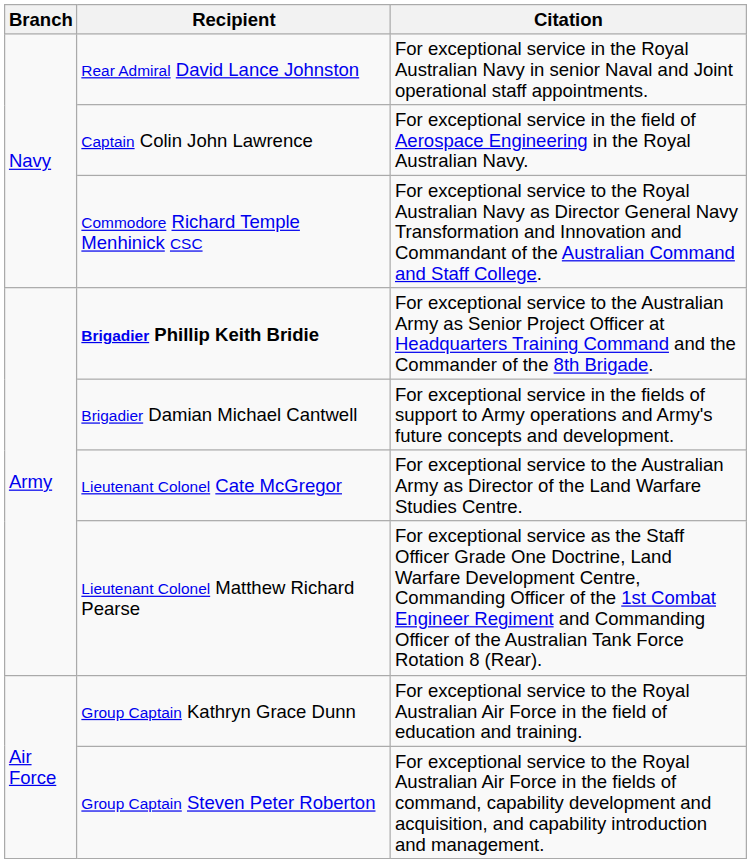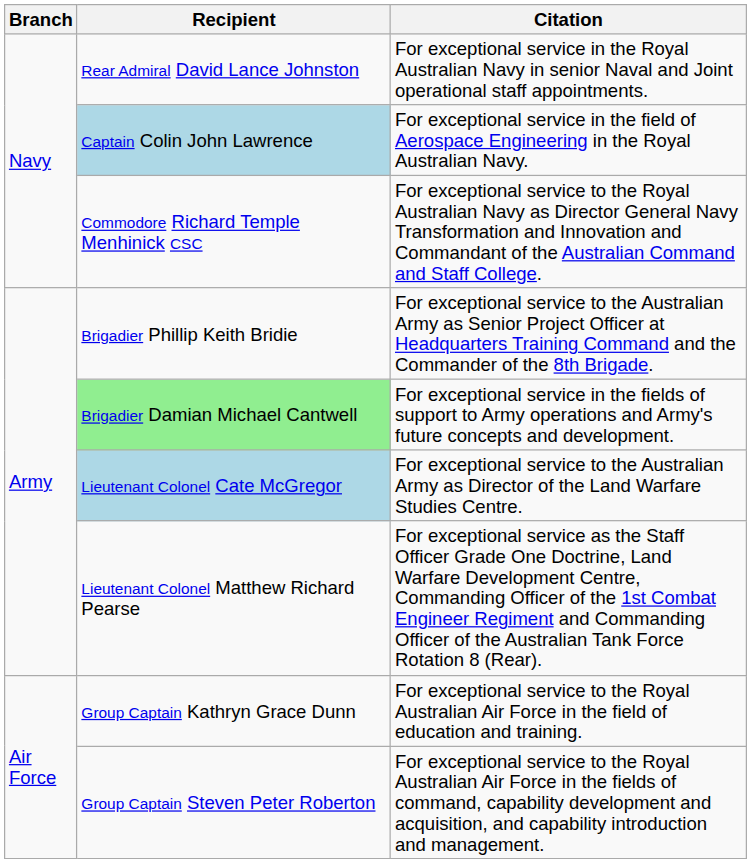 <table class="wikitable" style="font-size:95%;">
 <tr>
 <th scope="col" width="50">Branch</th>
 <th scope="col" width="250">Recipient</th>
 <th>Citation</th>
 </tr>
 <tr>
 <td rowspan="3"><a href='#'>Navy</a></td>
 <td><small><a href='#'>Rear Admiral</a></small> <a href='#'>David Lance Johnston</a></td>
 <td>For exceptional service in the Royal Australian Navy in senior Naval and Joint operational staff appointments.</td>
 </tr>
 <tr>
-<td><small><a href='#'>Captain</a></small> Colin John Lawrence</td>
+<td style="background: lightblue;"><small><a href='#'>Captain</a></small> Colin John Lawrence</td>
 <td>For exceptional service in the field of <a href='#'>Aerospace Engineering</a> in the Royal Australian Navy.</td>
 </tr>
 <tr>
 <td><small><a href='#'>Commodore</a></small> <a href='#'>Richard Temple Menhinick</a> <small><a href='#'>CSC</a></small></td>
 <td>For exceptional service to the Royal Australian Navy as Director General Navy Transformation and Innovation and Commandant of the <a href='#'>Australian Command and Staff College</a>.</td>
 </tr>
 <tr>
 <td rowspan="4"><a href='#'>Army</a></td>
-<td><strong><small><a href='#'>Brigadier</a></small> Phillip Keith Bridie</strong></td>
+<td><small><a href='#'>Brigadier</a></small> Phillip Keith Bridie</td>
 <td>For exceptional service to the Australian Army as Senior Project Officer at <a href='#'>Headquarters Training Command</a> and the Commander of the <a href='#'>8th Brigade</a>.</td>
 </tr>
 <tr>
-<td><small><a href='#'>Brigadier</a></small> Damian Michael Cantwell</td>
+<td style="background: lightgreen;"><small><a href='#'>Brigadier</a></small> Damian Michael Cantwell</td>
 <td>For exceptional service in the fields of support to Army operations and Army's future concepts and development.</td>
 </tr>
 <tr>
-<td><small><a href='#'>Lieutenant Colonel</a></small> <a href='#'>Cate McGregor</a></td>
+<td style="background: lightblue;"><small><a href='#'>Lieutenant Colonel</a></small> <a href='#'>Cate McGregor</a></td>
 <td>For exceptional service to the Australian Army as Director of the Land Warfare Studies Centre.</td>
 </tr>
 <tr>
 <td><small><a href='#'>Lieutenant Colonel</a></small> Matthew Richard Pearse</td>
 <td>For exceptional service as the Staff Officer Grade One Doctrine, Land Warfare Development Centre, Commanding Officer of the <a href='#'>1st Combat Engineer Regiment</a> and Commanding Officer of the Australian Tank Force Rotation 8 (Rear).</td>
 </tr>
 <tr>
 <td rowspan="2"><a href='#'>Air Force</a></td>
 <td><small><a href='#'>Group Captain</a></small> Kathryn Grace Dunn</td>
 <td>For exceptional service to the Royal Australian Air Force in the field of education and training.</td>
 </tr>
 <tr>
 <td><small><a href='#'>Group Captain</a></small> <a href='#'>Steven Peter Roberton</a></td>
 <td>For exceptional service to the Royal Australian Air Force in the fields of command, capability development and acquisition, and capability introduction and management.</td>
 </tr>
 </table>
